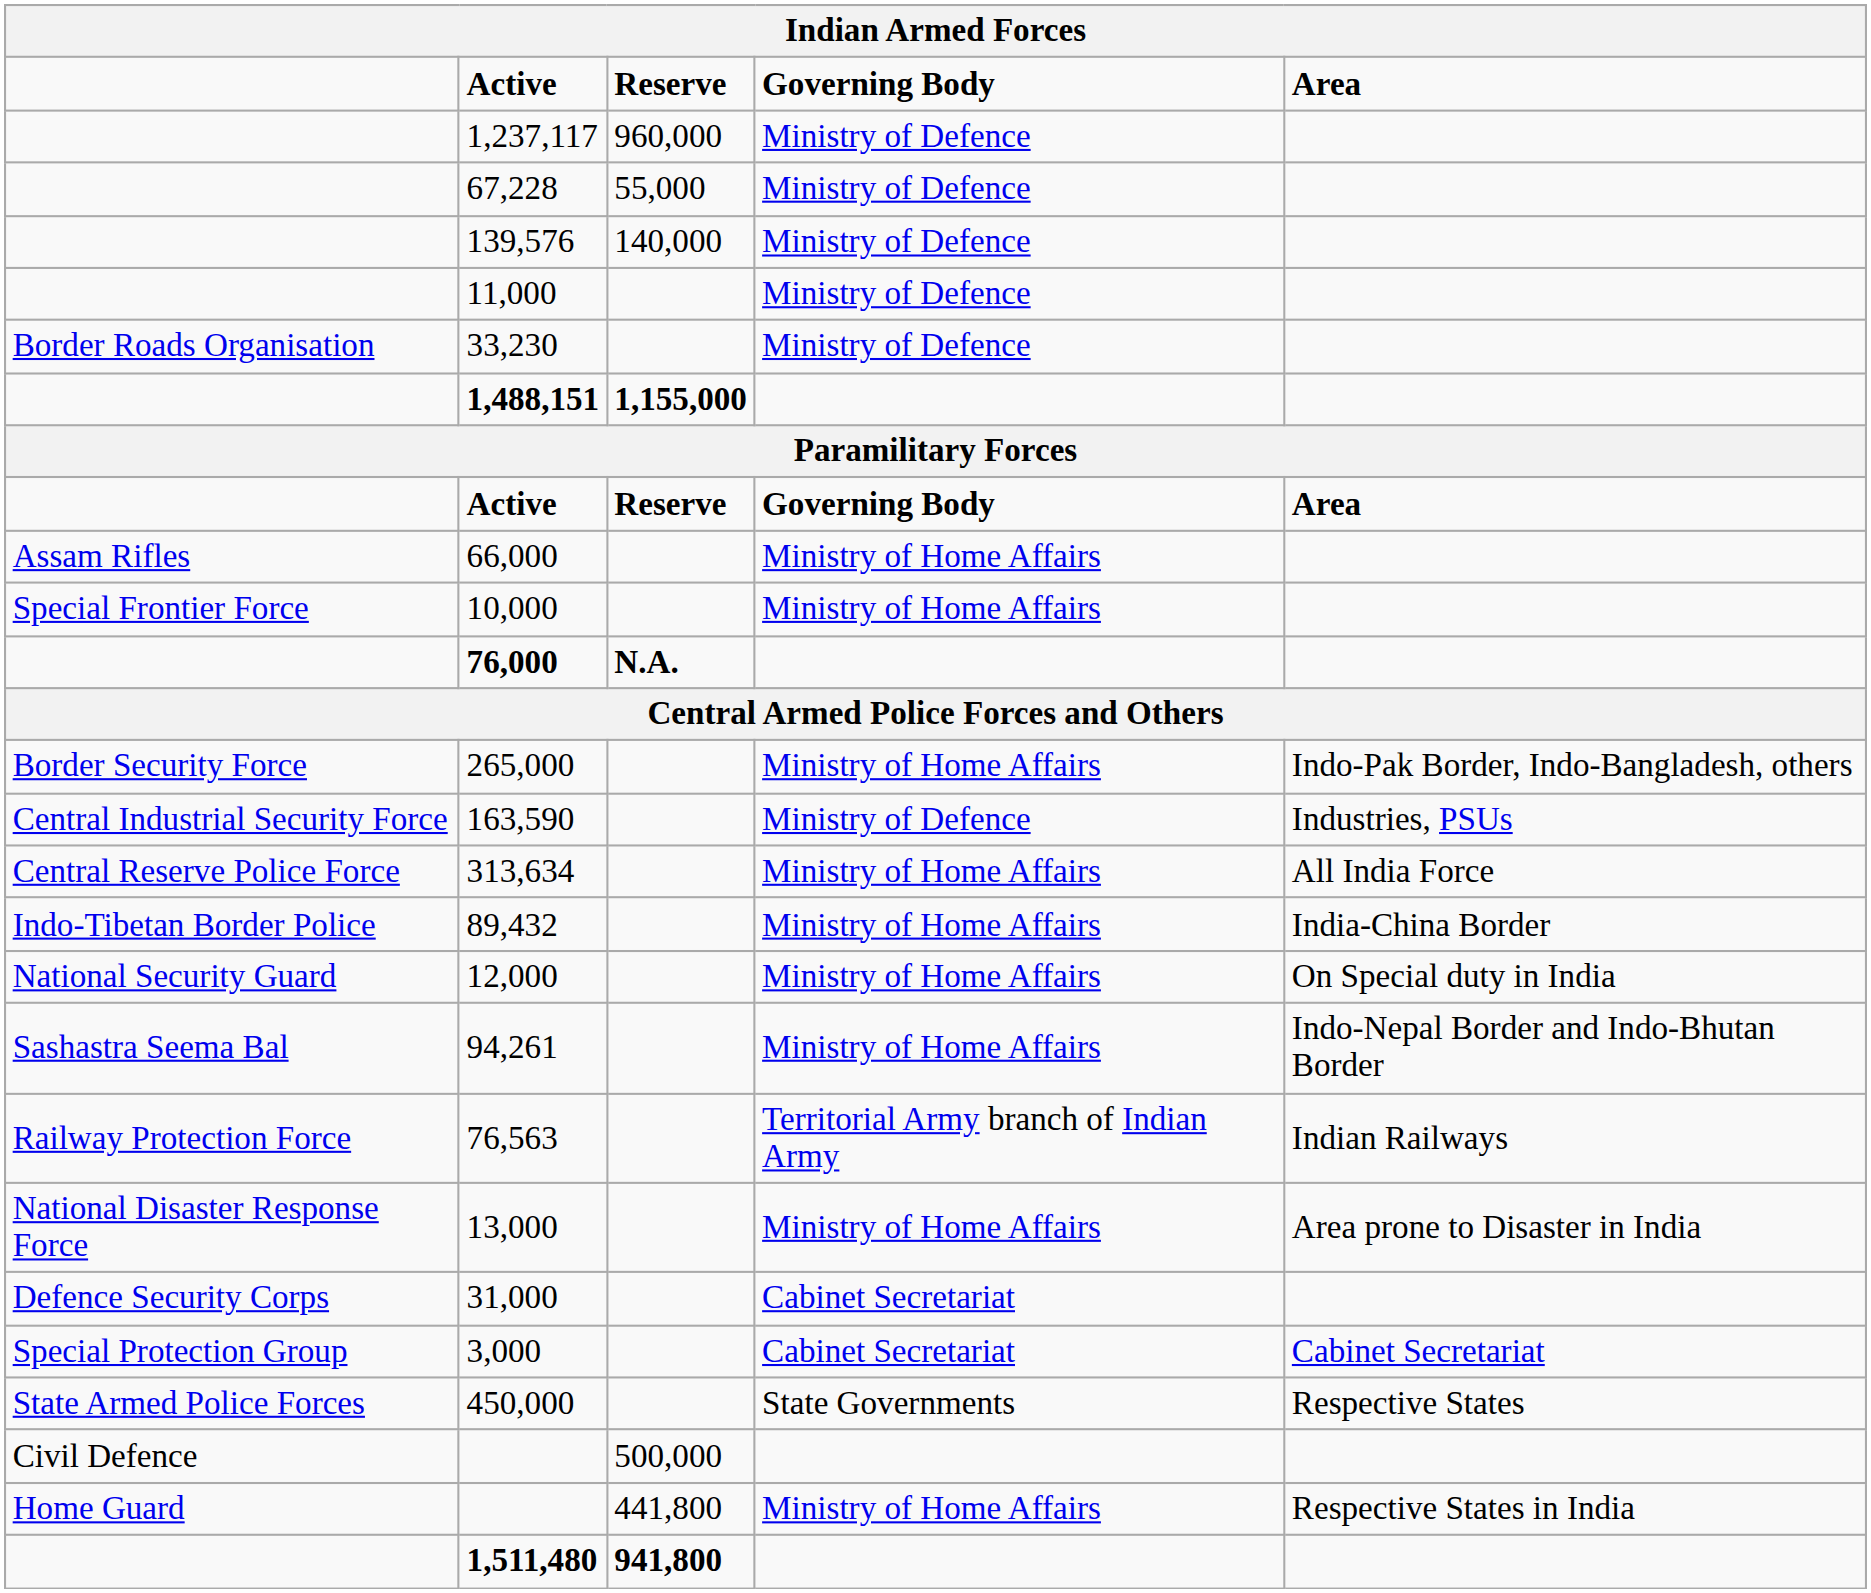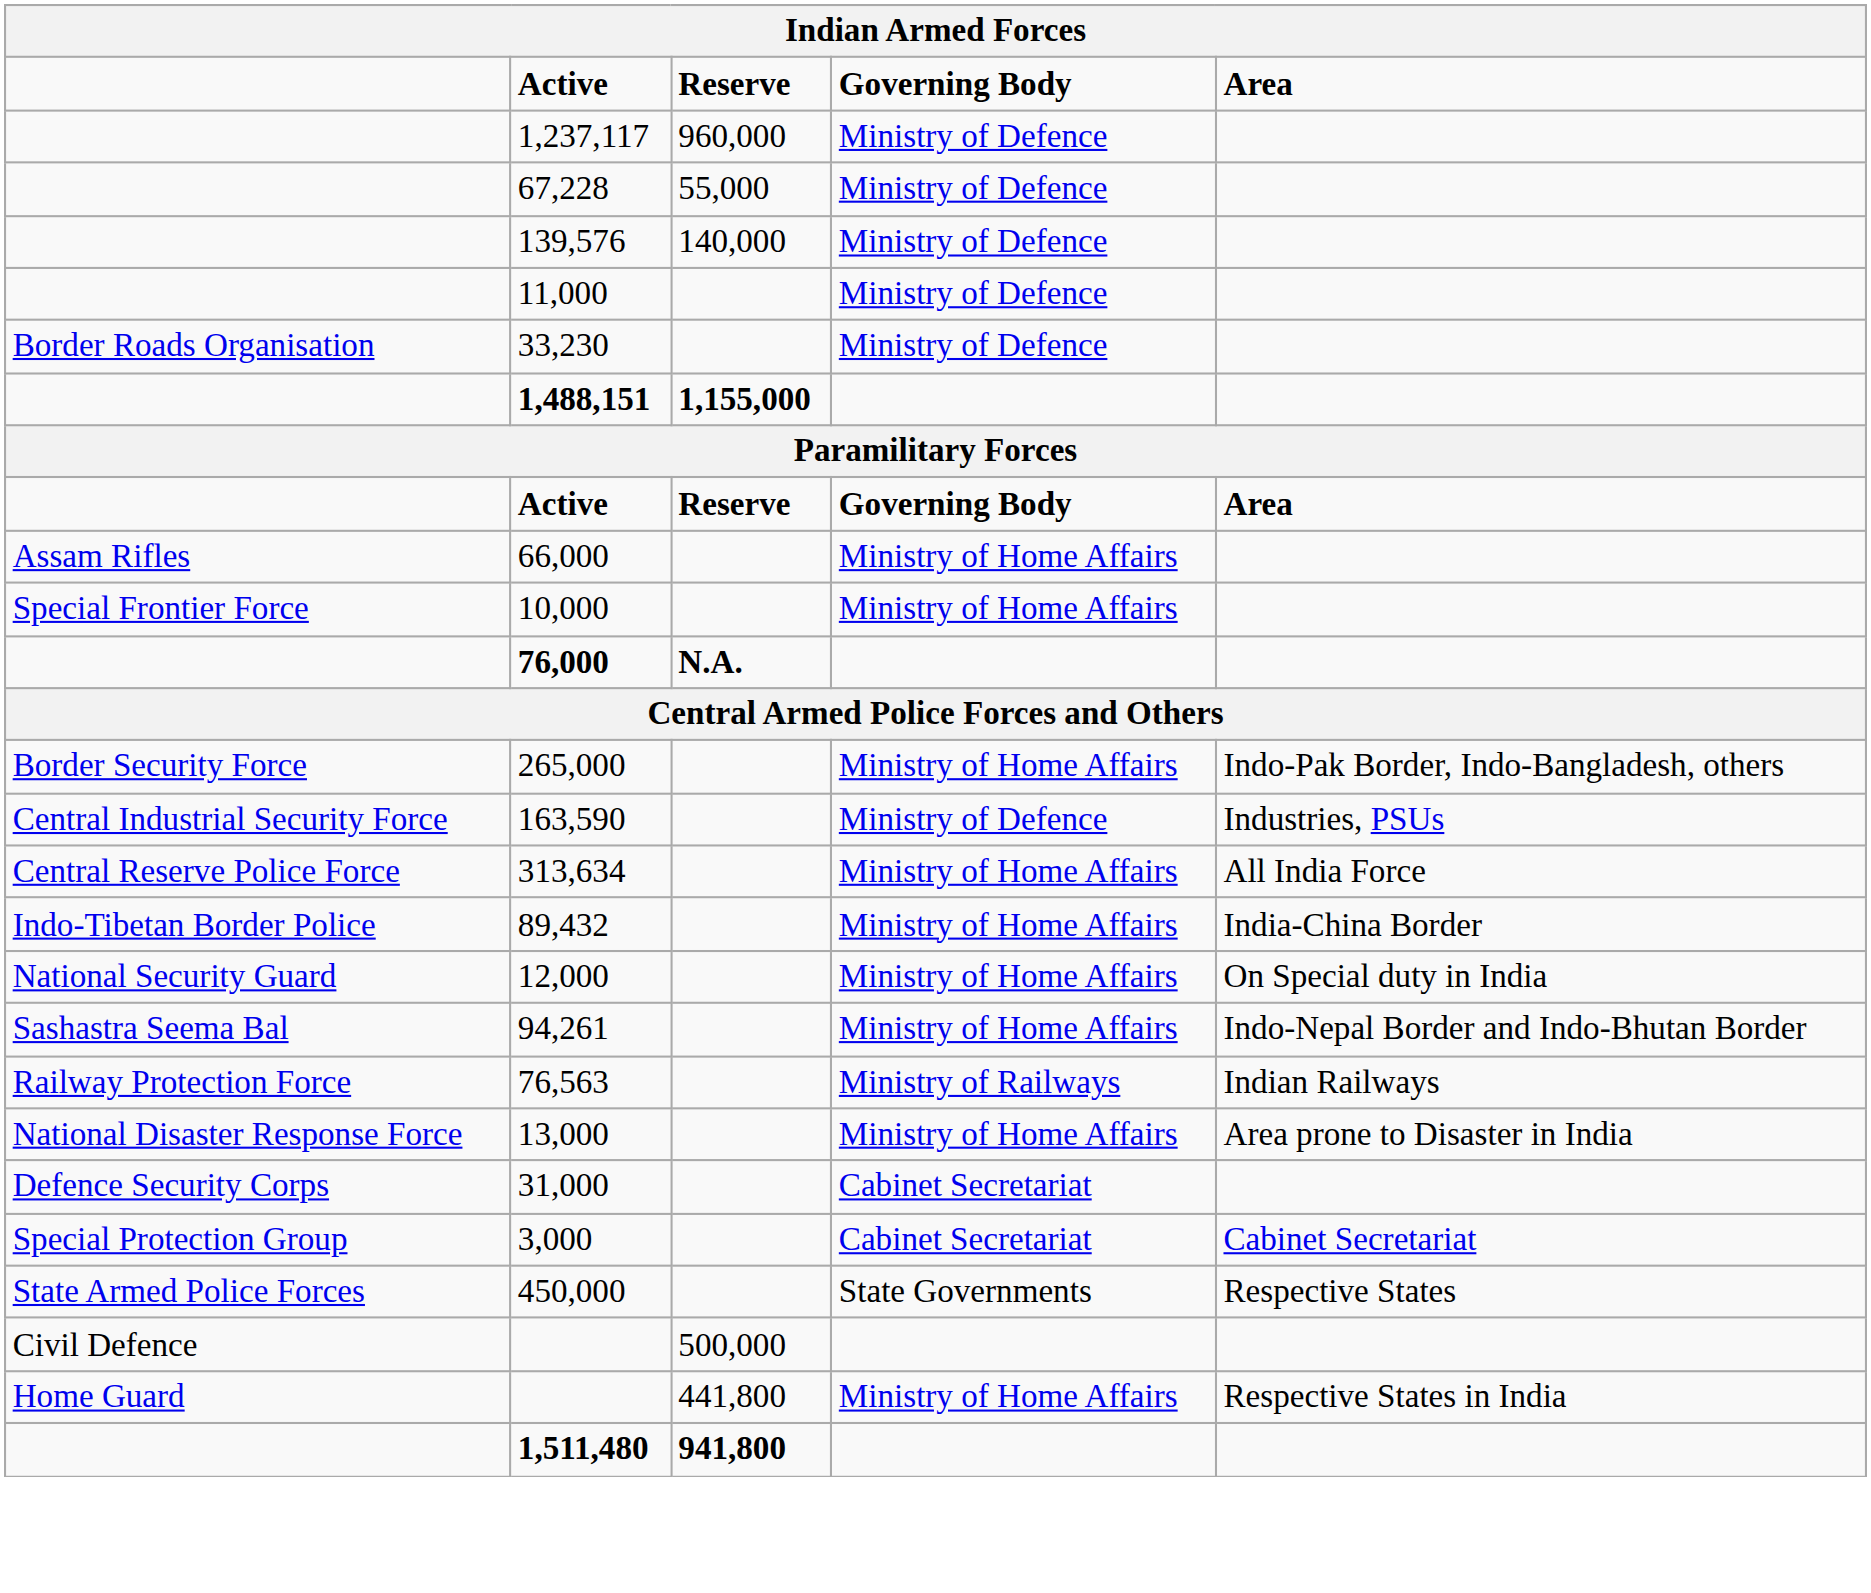 <table class="wikitable" width=900 cellpadding=3 cellspacing=0>
 <tr>
 <th style="align: center; background: " colspan="5">Indian Armed Forces</th>
 </tr>
 <tr>
 <td></td>
 <td><strong>Active</strong></td>
 <td><strong>Reserve</strong></td>
 <td><strong>Governing Body</strong></td>
 <td><strong>Area</strong></td>
 </tr>
 <tr>
 <td></td>
 <td>1,237,117</td>
 <td>960,000</td>
 <td><a href='#'>Ministry of Defence</a></td>
 <td></td>
 </tr>
 <tr>
 <td></td>
 <td>67,228</td>
 <td>55,000</td>
 <td><a href='#'>Ministry of Defence</a></td>
 <td></td>
 </tr>
 <tr>
 <td></td>
 <td>139,576</td>
 <td>140,000</td>
 <td><a href='#'>Ministry of Defence</a></td>
 <td></td>
 </tr>
 <tr>
 <td></td>
 <td>11,000</td>
 <td></td>
 <td><a href='#'>Ministry of Defence</a></td>
 <td></td>
 </tr>
 <tr>
 <td> <a href='#'>Border Roads Organisation</a></td>
 <td>33,230</td>
 <td></td>
 <td><a href='#'>Ministry of Defence</a></td>
 <td></td>
 </tr>
 <tr>
 <td></td>
 <td><strong>1,488,151</strong></td>
 <td><strong>1,155,000</strong></td>
 <td></td>
 <td></td>
 </tr>
 <tr>
 <th style="align: center" colspan="5">Paramilitary Forces</th>
 </tr>
 <tr>
 <td></td>
 <td><strong>Active</strong></td>
 <td><strong>Reserve</strong></td>
 <td><strong>Governing Body</strong></td>
 <td><strong>Area</strong></td>
 </tr>
 <tr>
 <td> <a href='#'>Assam Rifles</a></td>
 <td>66,000</td>
 <td></td>
 <td><a href='#'>Ministry of Home Affairs</a></td>
 <td></td>
 </tr>
 <tr>
 <td> <a href='#'>Special Frontier Force</a></td>
 <td>10,000</td>
 <td></td>
 <td><a href='#'>Ministry of Home Affairs</a></td>
 <td></td>
 </tr>
 <tr>
 <td></td>
 <td><strong>76,000</strong></td>
 <td><strong>N.A.</strong></td>
 <td></td>
 <td></td>
 </tr>
 <tr>
 <th colspan="5">Central Armed Police Forces and Others</th>
 </tr>
 <tr>
 <td> <a href='#'>Border Security Force</a></td>
 <td>265,000</td>
 <td></td>
 <td><a href='#'>Ministry of Home Affairs</a></td>
 <td>Indo-Pak Border, Indo-Bangladesh, others</td>
 </tr>
 <tr>
 <td> <a href='#'>Central Industrial Security Force</a></td>
 <td>163,590</td>
 <td></td>
 <td><a href='#'>Ministry of Defence</a></td>
 <td>Industries, <a href='#'>PSUs</a></td>
 </tr>
 <tr>
 <td> <a href='#'>Central Reserve Police Force</a></td>
 <td>313,634</td>
 <td></td>
 <td><a href='#'>Ministry of Home Affairs</a></td>
 <td>All India Force</td>
 </tr>
 <tr>
 <td> <a href='#'>Indo-Tibetan Border Police</a></td>
 <td>89,432</td>
 <td></td>
 <td><a href='#'>Ministry of Home Affairs</a></td>
 <td>India-China Border</td>
 </tr>
 <tr>
 <td> <a href='#'>National Security Guard</a></td>
 <td>12,000</td>
 <td></td>
 <td><a href='#'>Ministry of Home Affairs</a></td>
 <td>On Special duty in India</td>
 </tr>
 <tr>
 <td> <a href='#'>Sashastra Seema Bal</a></td>
 <td>94,261</td>
 <td></td>
 <td><a href='#'>Ministry of Home Affairs</a></td>
 <td>Indo-Nepal Border and Indo-Bhutan Border</td>
 </tr>
 <tr>
 <td> <a href='#'>Railway Protection Force</a></td>
 <td>76,563</td>
 <td></td>
-<td><a href='#'>Territorial Army</a> branch of <a href='#'>Indian Army</a></td>
+<td><a href='#'>Ministry of Railways</a></td>
 <td>Indian Railways</td>
 </tr>
 <tr>
 <td><a href='#'>National Disaster Response Force</a></td>
 <td>13,000</td>
 <td></td>
 <td><a href='#'>Ministry of Home Affairs</a></td>
 <td>Area prone to Disaster in India</td>
 </tr>
 <tr>
 <td> <a href='#'>Defence Security Corps</a></td>
 <td>31,000</td>
 <td></td>
 <td><a href='#'>Cabinet Secretariat</a></td>
 <td></td>
 </tr>
 <tr>
 <td> <a href='#'>Special Protection Group</a></td>
 <td>3,000</td>
 <td></td>
 <td><a href='#'>Cabinet Secretariat</a></td>
 <td><a href='#'>Cabinet Secretariat</a></td>
 </tr>
 <tr>
 <td> <a href='#'>State Armed Police Forces</a></td>
 <td>450,000</td>
 <td></td>
 <td>State Governments</td>
 <td>Respective States</td>
 </tr>
 <tr>
 <td> Civil Defence</td>
 <td></td>
 <td>500,000</td>
 <td></td>
 <td></td>
 </tr>
 <tr>
 <td> <a href='#'>Home Guard</a></td>
 <td></td>
 <td>441,800</td>
 <td><a href='#'>Ministry of Home Affairs</a></td>
 <td>Respective States in India</td>
 </tr>
 <tr>
 <td></td>
 <td><strong>1,511,480</strong></td>
 <td><strong>941,800</strong></td>
 <td></td>
 <td></td>
 </tr>
 </table>
